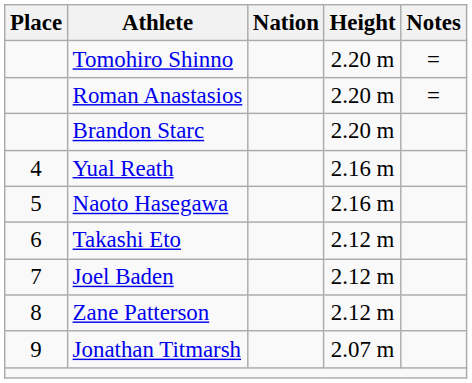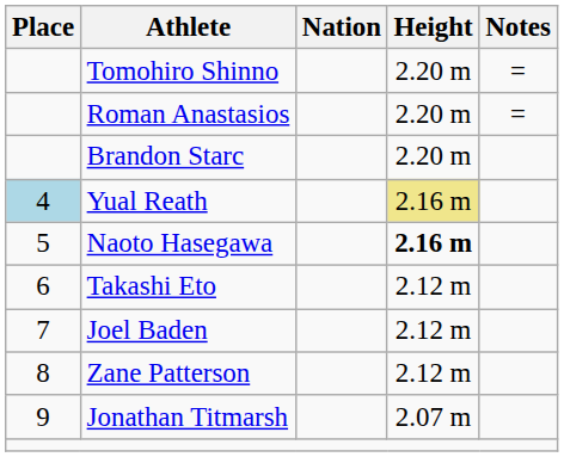 <table class="wikitable mw-datatable sortable" style="text-align:center;">
 <tr>
 <th scope="col">Place</th>
 <th scope="col">Athlete</th>
 <th scope="col">Nation</th>
 <th scope="col">Height</th>
 <th scope="col">Notes</th>
 </tr>
 <tr>
 <td></td>
 <td align="left"><a href='#'>Tomohiro Shinno</a></td>
 <td align="left"></td>
 <td>2.20 m</td>
 <td>=</td>
 </tr>
 <tr>
 <td></td>
 <td align="left"><a href='#'>Roman Anastasios</a></td>
 <td align="left"></td>
 <td>2.20 m</td>
 <td>=</td>
 </tr>
 <tr>
 <td></td>
 <td align="left"><a href='#'>Brandon Starc</a></td>
 <td align="left"></td>
 <td>2.20 m</td>
 <td></td>
 </tr>
 <tr>
-<td>4</td>
+<td style="background: lightblue;">4</td>
 <td align="left"><a href='#'>Yual Reath</a></td>
 <td align="left"></td>
-<td>2.16 m</td>
+<td style="background: khaki;">2.16 m</td>
 <td></td>
 </tr>
 <tr>
 <td>5</td>
 <td align="left"><a href='#'>Naoto Hasegawa</a></td>
 <td align="left"></td>
-<td>2.16 m</td>
+<td><strong>2.16 m</strong></td>
 <td></td>
 </tr>
 <tr>
 <td>6</td>
 <td align="left"><a href='#'>Takashi Eto</a></td>
 <td align="left"></td>
 <td>2.12 m</td>
 <td></td>
 </tr>
 <tr>
 <td>7</td>
 <td align="left"><a href='#'>Joel Baden</a></td>
 <td align="left"></td>
 <td>2.12 m</td>
 <td></td>
 </tr>
 <tr>
 <td>8</td>
 <td align="left"><a href='#'>Zane Patterson</a></td>
 <td align="left"></td>
 <td>2.12 m</td>
 <td></td>
 </tr>
 <tr>
 <td>9</td>
 <td align="left"><a href='#'>Jonathan Titmarsh</a></td>
 <td align="left"></td>
 <td>2.07 m</td>
 <td></td>
 </tr>
 <tr class="sortbottom">
 <td colspan="5"></td>
 </tr>
 </table>
